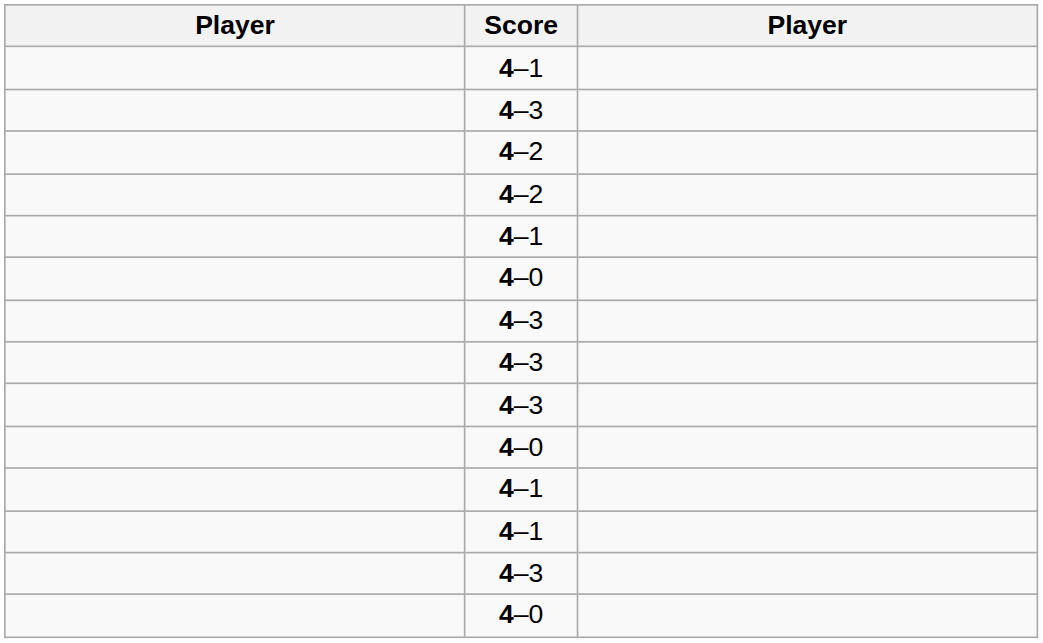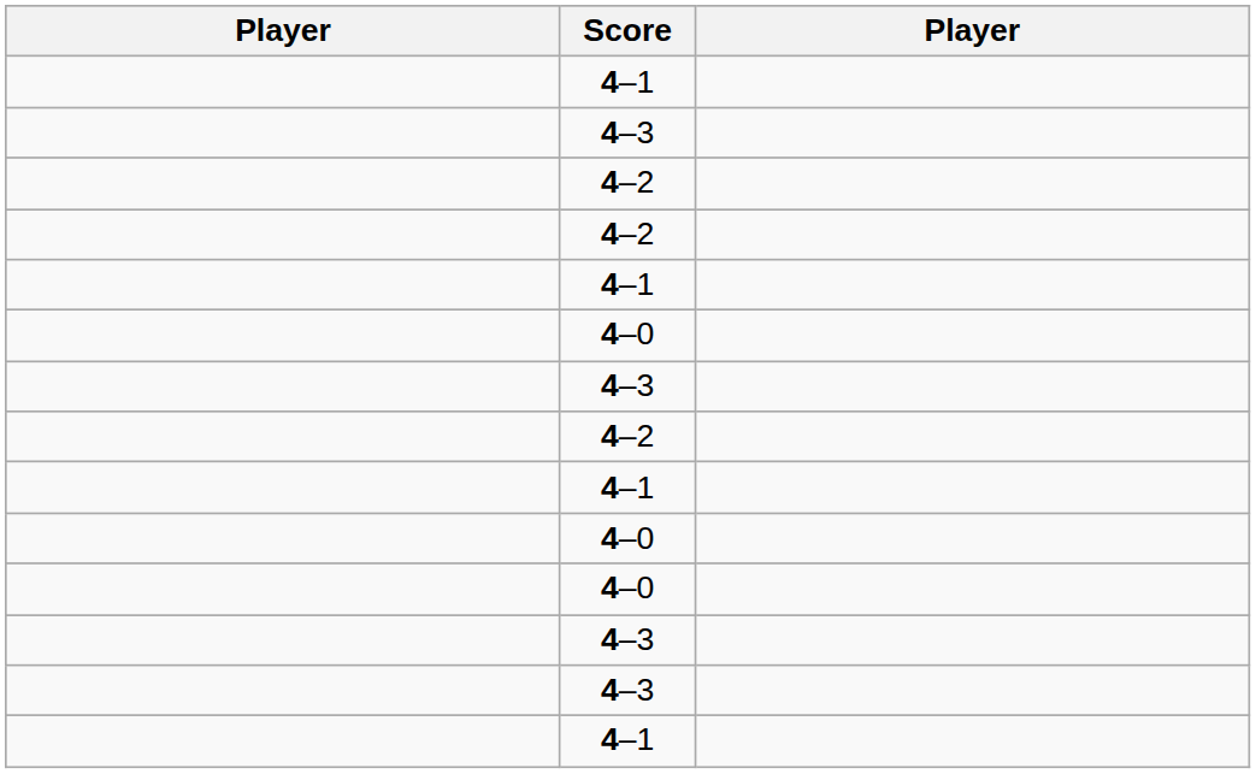 <table class="wikitable ">
 <tr>
 <th width=270>Player</th>
 <th width=60>Score</th>
 <th width=270>Player</th>
 </tr>
 <tr>
 <td><strong></strong></td>
 <td align="center"><strong>4</strong>–1</td>
 <td></td>
 </tr>
 <tr>
 <td><strong></strong></td>
 <td align="center"><strong>4</strong>–3</td>
 <td></td>
 </tr>
 <tr>
 <td><strong></strong></td>
 <td align="center"><strong>4</strong>–2</td>
 <td></td>
 </tr>
 <tr>
 <td><strong></strong></td>
 <td align="center"><strong>4</strong>–2</td>
 <td></td>
 </tr>
 <tr>
 <td><strong></strong></td>
 <td align="center"><strong>4</strong>–1</td>
 <td></td>
 </tr>
 <tr>
 <td><strong></strong></td>
 <td align="center"><strong>4</strong>–0</td>
 <td></td>
 </tr>
 <tr>
 <td><strong></strong></td>
 <td align="center"><strong>4</strong>–3</td>
 <td></td>
 </tr>
 <tr>
 <td><strong></strong></td>
+<td align="center"><strong>4</strong>–2</td>
+<td></td>
+</tr>
+<tr>
+<td><strong></strong></td>
+<td align="center"><strong>4</strong>–1</td>
+<td></td>
+</tr>
+<tr>
+<td><strong></strong></td>
+<td align="center"><strong>4</strong>–0</td>
+<td></td>
+</tr>
+<tr>
+<td><strong></strong></td>
+<td align="center"><strong>4</strong>–0</td>
+<td></td>
+</tr>
+<tr>
+<td><strong></strong></td>
 <td align="center"><strong>4</strong>–3</td>
 <td></td>
 </tr>
 <tr>
 <td><strong></strong></td>
 <td align="center"><strong>4</strong>–3</td>
 <td></td>
 </tr>
 <tr>
 <td><strong></strong></td>
-<td align="center"><strong>4</strong>–0</td>
-<td></td>
-</tr>
-<tr>
-<td><strong></strong></td>
 <td align="center"><strong>4</strong>–1</td>
 <td></td>
 </tr>
-<tr>
-<td><strong></strong></td>
-<td align="center"><strong>4</strong>–1</td>
-<td></td>
-</tr>
-<tr>
-<td><strong></strong></td>
-<td align="center"><strong>4</strong>–3</td>
-<td></td>
-</tr>
-<tr>
-<td><strong></strong></td>
-<td align="center"><strong>4</strong>–0</td>
-<td></td>
-</tr>
 </table>
